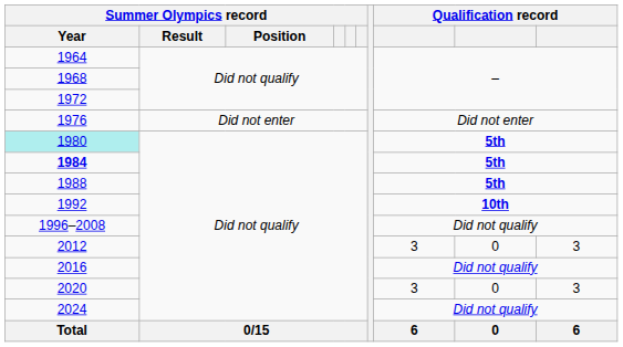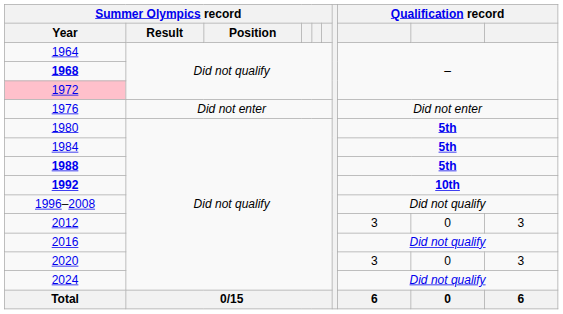 <table class="wikitable" style="text-align: center;">
 <tr>
 <th colspan=6><a href='#'>Summer Olympics</a> record</th>
 <th style="width:1%;" rowspan="25"></th>
 <th colspan=3><a href='#'>Qualification</a> record</th>
 </tr>
 <tr>
 <th>Year</th>
 <th>Result</th>
 <th>Position</th>
 <th></th>
 <th></th>
 <th></th>
 <th></th>
 <th></th>
 <th></th>
 </tr>
 <tr>
 <td> <a href='#'>1964</a></td>
 <td colspan=6 rowspan=3><em>Did not qualify</em></td>
 <td colspan=3 rowspan=3><em>–</em></td>
 </tr>
 <tr>
-<td> <a href='#'>1968</a></td>
+<td><strong> <a href='#'>1968</a></strong></td>
 </tr>
 <tr>
-<td> <a href='#'>1972</a></td>
+<td style="background: pink;"> <a href='#'>1972</a></td>
 </tr>
 <tr>
 <td> <a href='#'>1976</a></td>
 <td colspan=6><em>Did not enter</em></td>
 <td colspan=3><em>Did not enter</em></td>
 </tr>
 <tr>
-<td style="background: paleturquoise;"> <a href='#'>1980</a></td>
+<td> <a href='#'>1980</a></td>
 <td colspan="6" rowspan="9"><em>Did not qualify</em></td>
 <td colspan=3><strong><a href='#'>5th</a></strong></td>
 </tr>
 <tr>
-<td><strong> <a href='#'>1984</a></strong></td>
+<td> <a href='#'>1984</a></td>
 <td colspan=3><strong><a href='#'>5th</a></strong></td>
 </tr>
 <tr>
-<td> <a href='#'>1988</a></td>
+<td><strong> <a href='#'>1988</a></strong></td>
 <td colspan=3><strong><a href='#'>5th</a></strong></td>
 </tr>
 <tr>
-<td> <a href='#'>1992</a></td>
+<td><strong> <a href='#'>1992</a></strong></td>
 <td colspan=3><strong><a href='#'>10th</a></strong></td>
 </tr>
 <tr>
 <td> <a href='#'>1996</a>–<a href='#'>2008</a> </td>
 <td colspan=3><em>Did not qualify</em></td>
 </tr>
 <tr>
 <td> <a href='#'>2012</a></td>
 <td>3</td>
 <td>0</td>
 <td>3</td>
 </tr>
 <tr>
 <td> <a href='#'>2016</a></td>
 <td colspan=3><em><a href='#'>Did not qualify</a></em></td>
 </tr>
 <tr>
 <td> <a href='#'>2020</a></td>
 <td>3</td>
 <td>0</td>
 <td>3</td>
 </tr>
 <tr>
 <td> <a href='#'>2024</a></td>
 <td colspan=3><em><a href='#'>Did not qualify</a></em></td>
 </tr>
 <tr>
 <th>Total</th>
 <th colspan=6>0/15</th>
 <th>6</th>
 <th>0</th>
 <th>6</th>
 </tr>
 </table>
